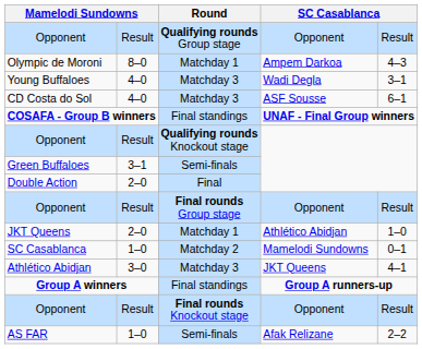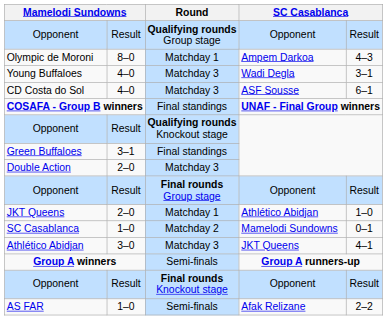 <table class="wikitable" style="text-align:center">
 <tr>
 <th colspan="4"> <a href='#'>Mamelodi Sundowns</a></th>
 <th>Round</th>
 <th colspan="4"> <a href='#'>SC Casablanca</a></th>
 </tr>
 <tr style="background:#C1E0FF">
 <td>Opponent</td>
 <td colspan="3">Result</td>
 <td><strong>Qualifying rounds</strong><br>Group stage</td>
 <td>Opponent</td>
 <td colspan="3">Result</td>
 </tr>
 <tr>
 <td style="text-align:left"> Olympic de Moroni</td>
 <td colspan="3">8–0</td>
 <td style="background:#C1E0FF">Matchday 1</td>
 <td style="text-align:left"> <a href='#'>Ampem Darkoa</a></td>
 <td colspan="3">4–3</td>
 </tr>
 <tr>
 <td style="text-align:left"> Young Buffaloes</td>
 <td colspan="3">4–0</td>
 <td style="background:#C1E0FF">Matchday 3</td>
 <td style="text-align:left"> <a href='#'>Wadi Degla</a></td>
 <td colspan="3">3–1</td>
 </tr>
 <tr>
 <td style="text-align:left"> CD Costa do Sol</td>
 <td colspan="3">4–0</td>
 <td style="background:#C1E0FF">Matchday 3</td>
 <td style="text-align:left"> <a href='#'>ASF Sousse</a></td>
 <td colspan="3">6–1</td>
 </tr>
 <tr>
 <td colspan="4" style="vertical-align:top"><strong><a href='#'>COSAFA - Group B</a> winners</strong><br><div>  </div></td>
 <td style="background:#C1E0FF">Final standings</td>
 <td colspan="4" style="vertical-align:top"><strong><a href='#'>UNAF - Final Group</a> winners</strong><br><div>  </div></td>
 </tr>
 <tr style="background:#C1E0FF">
 <td>Opponent</td>
 <td colspan="3">Result</td>
 <td><strong>Qualifying rounds</strong><br>Knockout stage</td>
 </tr>
 <tr>
 <td style="text-align:left"> <a href='#'>Green Buffaloes</a></td>
 <td colspan="3">3–1</td>
-<td style="background:#C1E0FF">Semi-finals</td>
+<td style="background:#C1E0FF">Final standings</td>
 </tr>
 <tr>
 <td style="text-align:left"> <a href='#'>Double Action</a></td>
 <td colspan="3">2–0</td>
-<td style="background:#C1E0FF">Final</td>
+<td style="background:#C1E0FF">Matchday 3</td>
 </tr>
 <tr style="background:#C1E0FF">
 <td>Opponent</td>
 <td colspan="3">Result</td>
 <td><strong>Final rounds</strong><br><a href='#'>Group stage</a></td>
 <td>Opponent</td>
 <td colspan="3">Result</td>
 </tr>
 <tr>
 <td style="text-align:left"> <a href='#'>JKT Queens</a></td>
 <td colspan="3">2–0</td>
 <td style="background:#C1E0FF">Matchday 1</td>
 <td style="text-align:left"> <a href='#'>Athlético Abidjan</a></td>
 <td colspan="3">1–0</td>
 </tr>
 <tr>
 <td style="text-align:left"> <a href='#'>SC Casablanca</a></td>
 <td colspan="3">1–0</td>
 <td style="background:#C1E0FF">Matchday 2</td>
 <td style="text-align:left"> <a href='#'>Mamelodi Sundowns</a></td>
 <td colspan="3">0–1</td>
 </tr>
 <tr>
 <td style="text-align:left"> <a href='#'>Athlético Abidjan</a></td>
 <td colspan="3">3–0</td>
 <td style="background:#C1E0FF">Matchday 3</td>
 <td style="text-align:left"> <a href='#'>JKT Queens</a></td>
 <td colspan="3">4–1</td>
 </tr>
 <tr>
 <td colspan="4" style="vertical-align:top"><strong><a href='#'>Group A</a> winners</strong><br><div></div></td>
-<td style="background:#C1E0FF">Final standings</td>
+<td style="background:#C1E0FF">Semi-finals</td>
 <td colspan="4" style="vertical-align:top"><strong><a href='#'>Group A</a> runners-up</strong><br><div></div></td>
 </tr>
 <tr style="background:#C1E0FF">
 <td>Opponent</td>
 <td colspan="3">Result</td>
 <td><strong>Final rounds</strong><br><a href='#'>Knockout stage</a></td>
 <td>Opponent</td>
 <td colspan="3">Result</td>
 </tr>
 <tr>
 <td style="text-align:left"> <a href='#'>AS FAR</a></td>
 <td colspan="3">1–0</td>
 <td style="background:#C1E0FF">Semi-finals</td>
 <td style="text-align:left"> <a href='#'>Afak Relizane</a></td>
 <td colspan="3">2–2 </td>
 </tr>
 </table>
